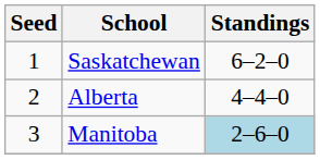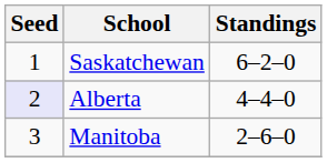 <table class="wikitable">
 <tr>
 <th>Seed</th>
 <th>School</th>
 <th>Standings</th>
 </tr>
 <tr>
 <td align=center>1</td>
 <td><a href='#'>Saskatchewan</a></td>
 <td align=center>6–2–0</td>
 </tr>
 <tr>
-<td align=center>2</td>
+<td align=center style="background: lavender;">2</td>
 <td><a href='#'>Alberta</a></td>
 <td align=center>4–4–0</td>
 </tr>
 <tr>
 <td align=center>3</td>
 <td><a href='#'>Manitoba</a></td>
-<td align=center style="background: lightblue;">2–6–0</td>
+<td align=center>2–6–0</td>
 </tr>
 <tr>
 </tr>
 </table>
